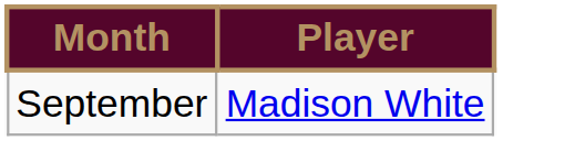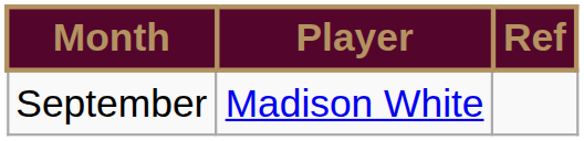 <table class=wikitable style="text-align:center;">
 <tr>
 <th style="background:#54052B; color:#B39262; border:2px solid #B39262">Month</th>
 <th style="background:#54052B; color:#B39262; border:2px solid #B39262">Player</th>
+<th style="background:#54052B; color:#B39262; border:2px solid #B39262">Ref</th>
 </tr>
 <tr>
 <td align=center>September</td>
 <td> <a href='#'>Madison White</a></td>
+<td></td>
 </tr>
 </table>
